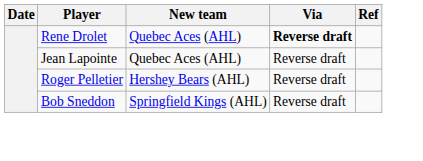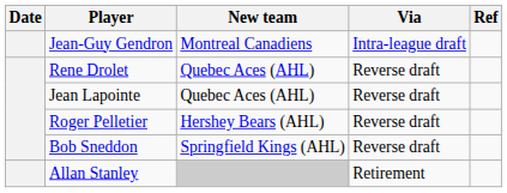 <table class="wikitable plainrowheaders">
 <tr style="background:#ddd; text-align:center;">
 <th>Date</th>
 <th>Player</th>
 <th>New team</th>
 <th>Via</th>
 <th>Ref</th>
 </tr>
 <tr>
+<th scope="row"></th>
+<td><a href='#'>Jean-Guy Gendron</a></td>
+<td><a href='#'>Montreal Canadiens</a></td>
+<td><a href='#'>Intra-league draft</a></td>
+<td></td>
+</tr>
+<tr>
 <th scope="row" rowspan=4></th>
 <td><a href='#'>Rene Drolet</a></td>
 <td><a href='#'>Quebec Aces</a> (<a href='#'>AHL</a>)</td>
-<td><strong>Reverse draft</strong></td>
+<td>Reverse draft</td>
 <td></td>
 </tr>
 <tr>
 <td>Jean Lapointe</td>
 <td>Quebec Aces (AHL)</td>
 <td>Reverse draft</td>
 <td></td>
 </tr>
 <tr>
 <td><a href='#'>Roger Pelletier</a></td>
 <td><a href='#'>Hershey Bears</a> (AHL)</td>
 <td>Reverse draft</td>
 <td></td>
 </tr>
 <tr>
 <td><a href='#'>Bob Sneddon</a></td>
 <td><a href='#'>Springfield Kings</a> (AHL)</td>
 <td>Reverse draft</td>
 <td></td>
 </tr>
+<tr>
+<th scope="row"></th>
+<td><a href='#'>Allan Stanley</a></td>
+<td style="background:#ccc"></td>
+<td>Retirement</td>
+<td></td>
+</tr>
 </table>
